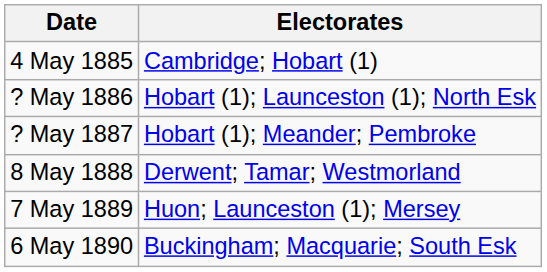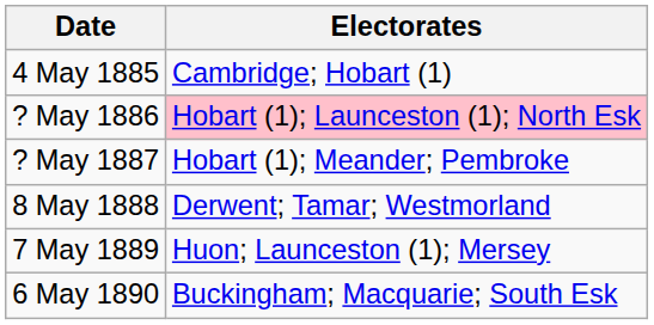 <table class=wikitable>
 <tr>
 <th>Date</th>
 <th>Electorates</th>
 </tr>
 <tr>
 <td>4 May 1885</td>
 <td><a href='#'>Cambridge</a>; <a href='#'>Hobart</a> (1)</td>
 </tr>
 <tr>
 <td>? May 1886</td>
-<td><a href='#'>Hobart</a> (1); <a href='#'>Launceston</a> (1); <a href='#'>North Esk</a></td>
+<td style="background: pink;"><a href='#'>Hobart</a> (1); <a href='#'>Launceston</a> (1); <a href='#'>North Esk</a></td>
 </tr>
 <tr>
 <td>? May 1887</td>
 <td><a href='#'>Hobart</a> (1); <a href='#'>Meander</a>; <a href='#'>Pembroke</a></td>
 </tr>
 <tr>
 <td>8 May 1888</td>
 <td><a href='#'>Derwent</a>; <a href='#'>Tamar</a>; <a href='#'>Westmorland</a></td>
 </tr>
 <tr>
 <td>7 May 1889</td>
 <td><a href='#'>Huon</a>; <a href='#'>Launceston</a> (1); <a href='#'>Mersey</a></td>
 </tr>
 <tr>
 <td>6 May 1890</td>
 <td><a href='#'>Buckingham</a>; <a href='#'>Macquarie</a>; <a href='#'>South Esk</a></td>
 </tr>
 </table>
